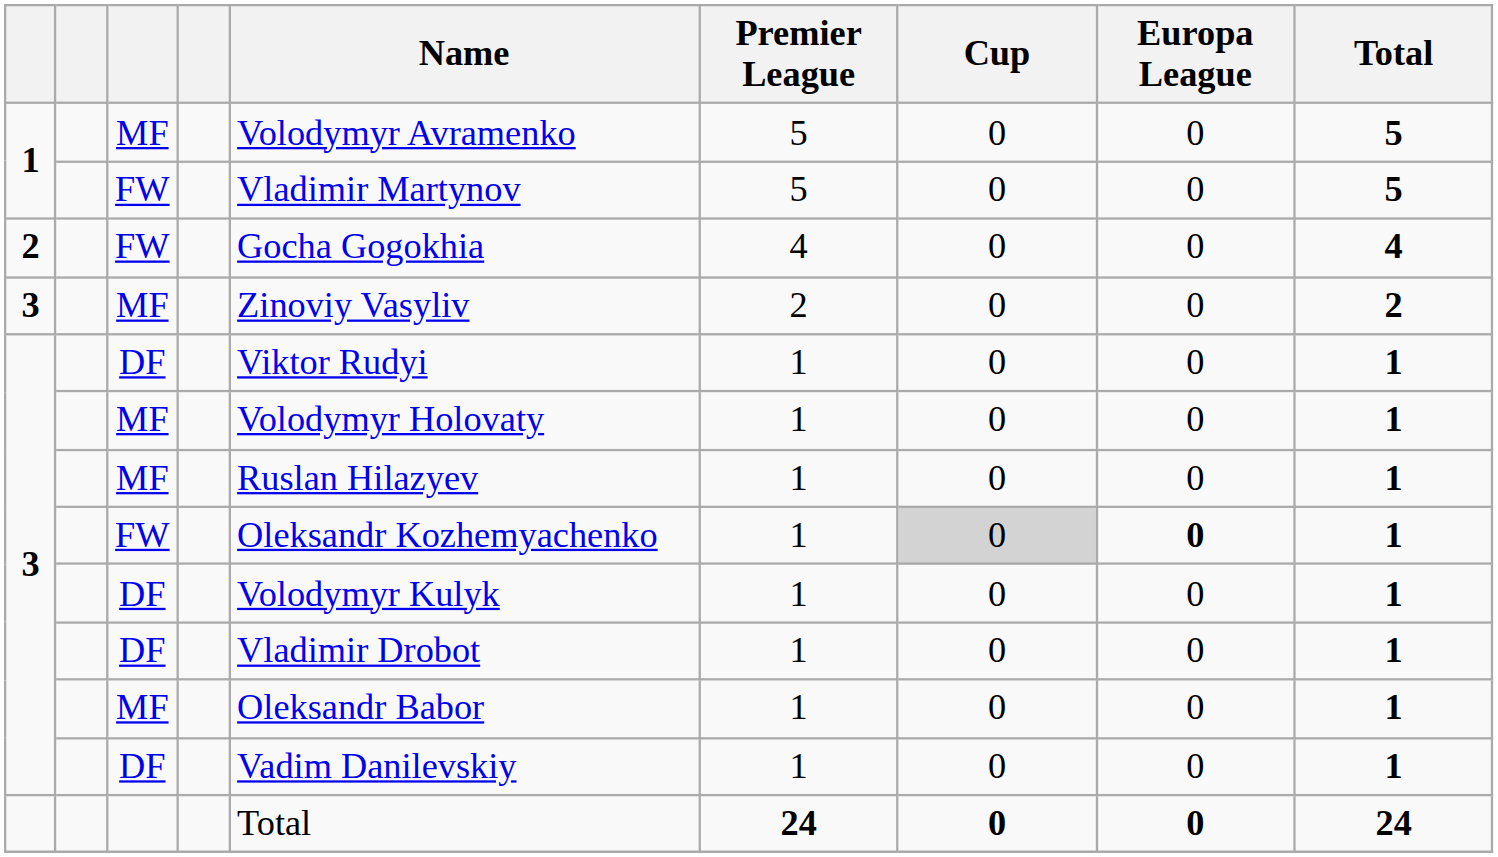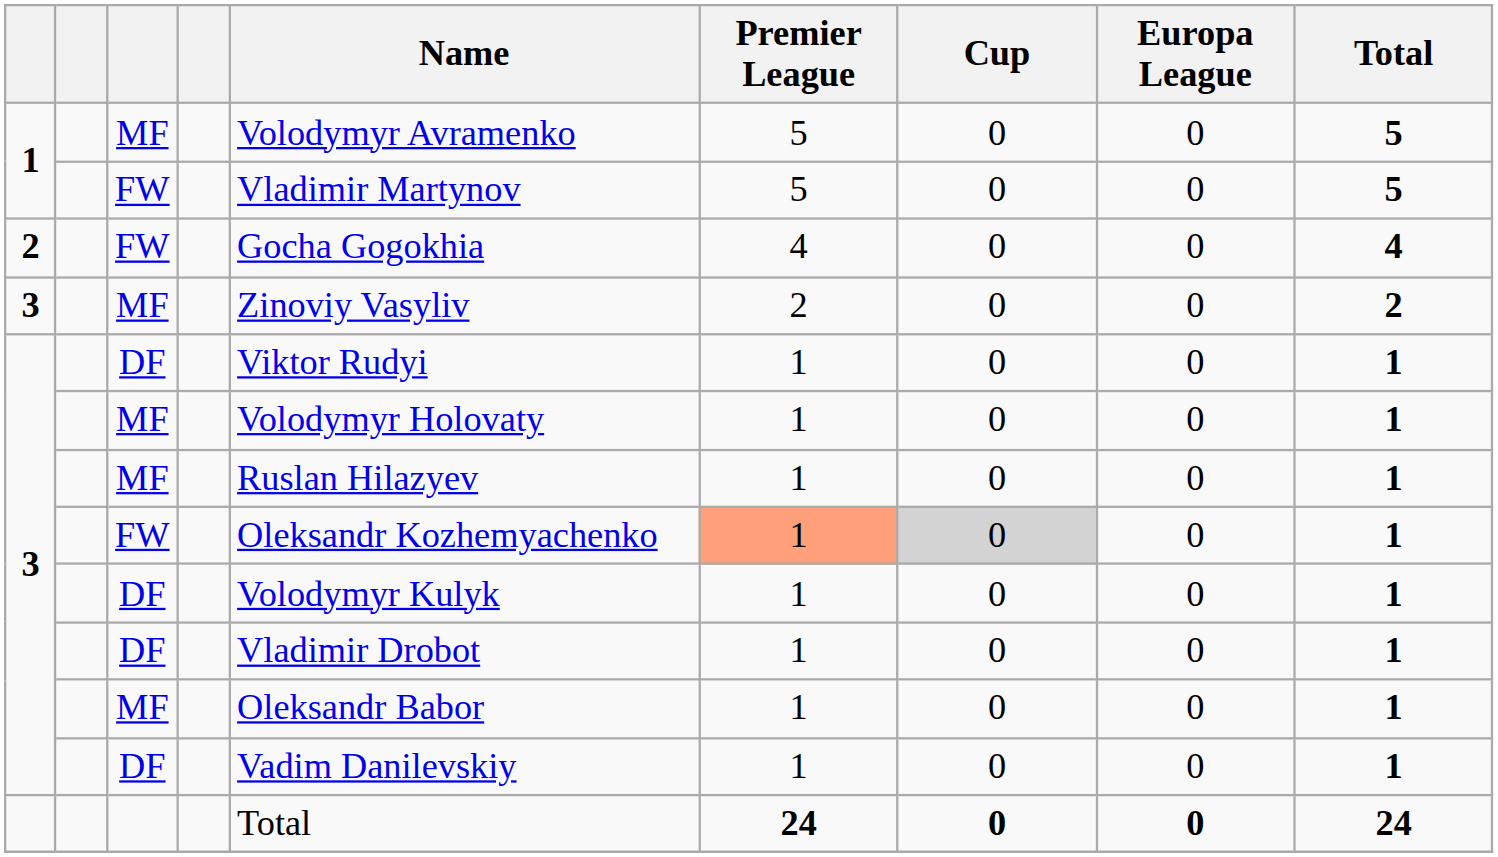 <table class="wikitable" style="text-align:center">
 <tr>
 <th width=15></th>
 <th width=15></th>
 <th width=15></th>
 <th width=15></th>
 <th width=200>Name</th>
 <th width=80><strong>Premier League</strong></th>
 <th width=80><strong>Cup</strong></th>
 <th width=80><strong>Europa League</strong></th>
 <th width=80>Total</th>
 </tr>
 <tr>
 <td rowspan=2><strong>1</strong></td>
 <td></td>
 <td><a href='#'>MF</a></td>
 <td></td>
 <td align=left><a href='#'>Volodymyr Avramenko</a></td>
 <td>5</td>
 <td>0</td>
 <td>0</td>
 <td><strong>5</strong></td>
 </tr>
 <tr>
 <td></td>
 <td><a href='#'>FW</a></td>
 <td></td>
 <td align=left><a href='#'>Vladimir Martynov</a></td>
 <td>5</td>
 <td>0</td>
 <td>0</td>
 <td><strong>5</strong></td>
 </tr>
 <tr>
 <td><strong>2</strong></td>
 <td></td>
 <td><a href='#'>FW</a></td>
 <td></td>
 <td align=left><a href='#'>Gocha Gogokhia</a></td>
 <td>4</td>
 <td>0</td>
 <td>0</td>
 <td><strong>4</strong></td>
 </tr>
 <tr>
 <td><strong>3</strong></td>
 <td></td>
 <td><a href='#'>MF</a></td>
 <td></td>
 <td align=left><a href='#'>Zinoviy Vasyliv</a></td>
 <td>2</td>
 <td>0</td>
 <td>0</td>
 <td><strong>2</strong></td>
 </tr>
 <tr>
 <td rowspan=8><strong>3</strong></td>
 <td></td>
 <td><a href='#'>DF</a></td>
 <td></td>
 <td align=left><a href='#'>Viktor Rudyi</a></td>
 <td>1</td>
 <td>0</td>
 <td>0</td>
 <td><strong>1</strong></td>
 </tr>
 <tr>
 <td></td>
 <td><a href='#'>MF</a></td>
 <td></td>
 <td align=left><a href='#'>Volodymyr Holovaty</a></td>
 <td>1</td>
 <td>0</td>
 <td>0</td>
 <td><strong>1</strong></td>
 </tr>
 <tr>
 <td></td>
 <td><a href='#'>MF</a></td>
 <td></td>
 <td align=left><a href='#'>Ruslan Hilazyev</a></td>
 <td>1</td>
 <td>0</td>
 <td>0</td>
 <td><strong>1</strong></td>
 </tr>
 <tr>
 <td></td>
 <td><a href='#'>FW</a></td>
 <td></td>
 <td align=left><a href='#'>Oleksandr Kozhemyachenko</a></td>
-<td>1</td>
+<td style="background: lightsalmon;">1</td>
 <td style="background: lightgrey;">0</td>
-<td><strong>0</strong></td>
+<td>0</td>
 <td><strong>1</strong></td>
 </tr>
 <tr>
 <td></td>
 <td><a href='#'>DF</a></td>
 <td></td>
 <td align=left><a href='#'>Volodymyr Kulyk</a></td>
 <td>1</td>
 <td>0</td>
 <td>0</td>
 <td><strong>1</strong></td>
 </tr>
 <tr>
 <td></td>
 <td><a href='#'>DF</a></td>
 <td></td>
 <td align=left><a href='#'>Vladimir Drobot</a></td>
 <td>1</td>
 <td>0</td>
 <td>0</td>
 <td><strong>1</strong></td>
 </tr>
 <tr>
 <td></td>
 <td><a href='#'>MF</a></td>
 <td></td>
 <td align=left><a href='#'>Oleksandr Babor</a></td>
 <td>1</td>
 <td>0</td>
 <td>0</td>
 <td><strong>1</strong></td>
 </tr>
 <tr>
 <td></td>
 <td><a href='#'>DF</a></td>
 <td></td>
 <td align=left><a href='#'>Vadim Danilevskiy</a></td>
 <td>1</td>
 <td>0</td>
 <td>0</td>
 <td><strong>1</strong></td>
 </tr>
 <tr>
 <td></td>
 <td></td>
 <td></td>
 <td></td>
 <td align=left>Total</td>
 <td><strong>24</strong></td>
 <td><strong>0</strong></td>
 <td><strong>0</strong></td>
 <td><strong>24</strong></td>
 </tr>
 <tr>
 </tr>
 </table>
